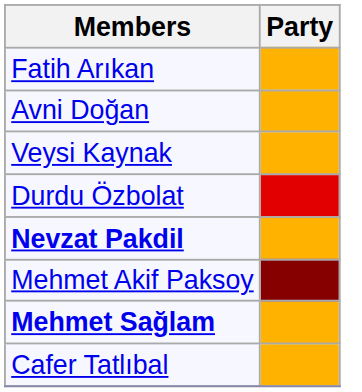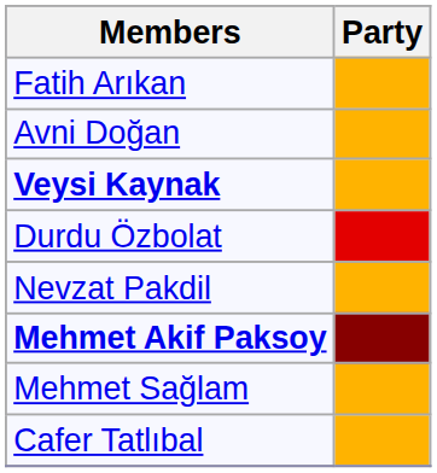 <table class=wikitable style="border:1px solid #8888aa; background-color:#f7f8ff; padding:0px; font-size:90%;">
 <tr>
 <th>Members</th>
 <th colspan="2">Party</th>
 </tr>
 <tr>
 <td><a href='#'>Fatih Arıkan</a></td>
 <td style="background: #ffb300"></td>
 </tr>
 <tr>
 <td><a href='#'>Avni Doğan</a></td>
 <td style="background: #ffb300"></td>
 </tr>
 <tr>
-<td><a href='#'>Veysi Kaynak</a></td>
+<td><strong><a href='#'>Veysi Kaynak</a></strong></td>
 <td style="background: #ffb300"></td>
 </tr>
 <tr>
 <td><a href='#'>Durdu Özbolat</a></td>
 <td style="background: #e30000"></td>
 </tr>
 <tr>
-<td><strong><a href='#'>Nevzat Pakdil</a></strong></td>
+<td><a href='#'>Nevzat Pakdil</a></td>
 <td style="background: #ffb300"></td>
 </tr>
 <tr>
-<td><a href='#'>Mehmet Akif Paksoy</a></td>
+<td><strong><a href='#'>Mehmet Akif Paksoy</a></strong></td>
 <td style="background: #870000"></td>
 </tr>
 <tr>
-<td><strong><a href='#'>Mehmet Sağlam</a></strong></td>
+<td><a href='#'>Mehmet Sağlam</a></td>
 <td style="background: #ffb300"></td>
 </tr>
 <tr>
 <td><a href='#'>Cafer Tatlıbal</a></td>
 <td style="background: #ffb300"></td>
 </tr>
 <tr>
 </tr>
 </table>
